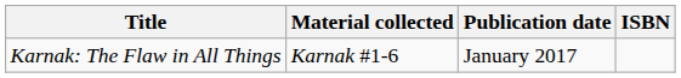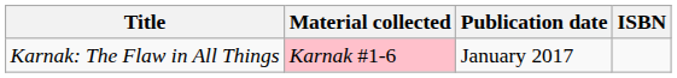 <table class="wikitable">
 <tr>
 <th>Title</th>
 <th>Material collected</th>
 <th>Publication date</th>
 <th>ISBN</th>
 </tr>
 <tr>
 <td><em>Karnak: The Flaw in All Things</em></td>
-<td><em>Karnak</em> #1-6</td>
+<td style="background: pink;"><em>Karnak</em> #1-6</td>
 <td>January 2017</td>
 <td></td>
 </tr>
 </table>
